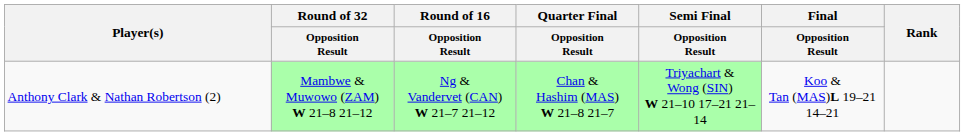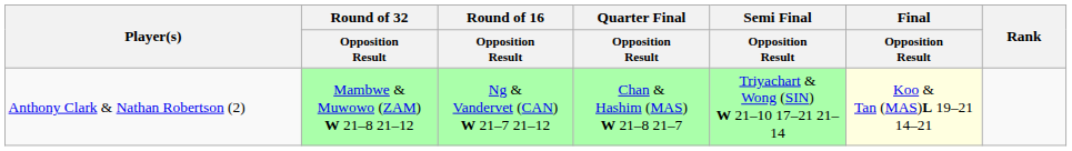 <table class=wikitable style="font-size:90%">
 <tr>
 <th rowspan="2" style="width:280px;">Player(s)</th>
 <th width=125>Round of 32</th>
 <th width=125>Round of 16</th>
 <th width=125>Quarter Final</th>
 <th width=125>Semi Final</th>
 <th width=125>Final</th>
 <th rowspan="2" style="width:75px;">Rank</th>
 </tr>
 <tr>
 <th style="line-height:1em"><small>Opposition<br>Result</small></th>
 <th style="line-height:1em"><small>Opposition<br>Result</small></th>
 <th style="line-height:1em"><small>Opposition<br>Result</small></th>
 <th style="line-height:1em"><small>Opposition<br>Result</small></th>
 <th style="line-height:1em"><small>Opposition<br>Result</small></th>
 </tr>
 <tr>
 <td><a href='#'>Anthony Clark</a> & <a href='#'>Nathan Robertson</a> (2)</td>
 <td style="text-align:center; background:#afa;"> <a href='#'>Mambwe</a> &<br><a href='#'>Muwowo</a> (<a href='#'>ZAM</a>)<br><strong>W</strong> 21–8 21–12</td>
 <td style="text-align:center; background:#afa;"> <a href='#'>Ng</a> &<br><a href='#'>Vandervet</a> (<a href='#'>CAN</a>)<br><strong>W</strong> 21–7 21–12</td>
 <td style="text-align:center; background:#afa;"> <a href='#'>Chan</a> &<br><a href='#'>Hashim</a> (<a href='#'>MAS</a>)<br><strong>W</strong> 21–8 21–7</td>
 <td style="text-align:center; background:#afa;"> <a href='#'>Triyachart</a> &<br><a href='#'>Wong</a> (<a href='#'>SIN</a>)<br><strong>W</strong> 21–10 17–21 21–14</td>
-<td style="text-align:center;"> <a href='#'>Koo</a> &<br><a href='#'>Tan</a> (<a href='#'>MAS</a>)<strong>L</strong> 19–21 14–21</td>
+<td style="background: lightyellow; text-align:center;"> <a href='#'>Koo</a> &<br><a href='#'>Tan</a> (<a href='#'>MAS</a>)<strong>L</strong> 19–21 14–21</td>
 <td style="text-align:center;"></td>
 </tr>
 </table>
